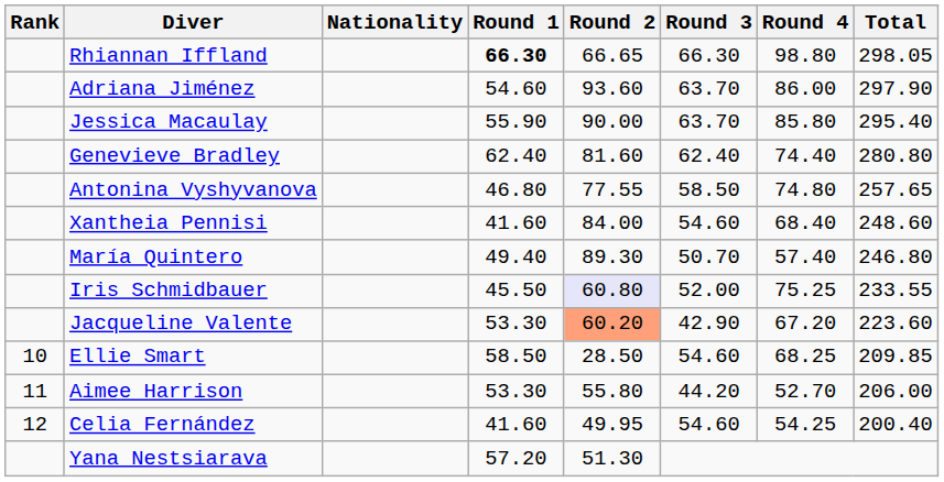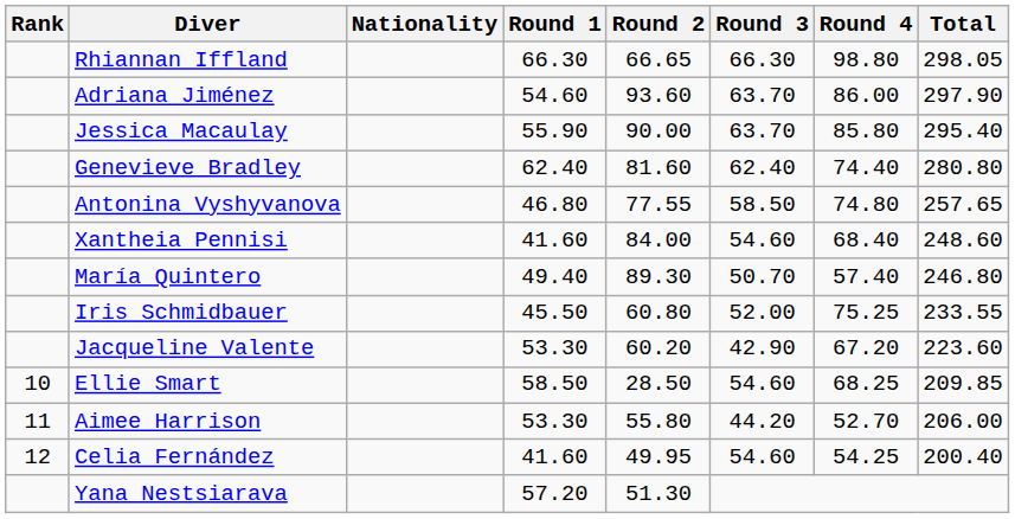 <table class="wikitable sortable" style="text-align:center">
 <tr>
 <th>Rank</th>
 <th>Diver</th>
 <th>Nationality</th>
 <th>Round 1</th>
 <th>Round 2</th>
 <th>Round 3</th>
 <th>Round 4</th>
 <th>Total</th>
 </tr>
 <tr>
 <td></td>
 <td align=left><a href='#'>Rhiannan Iffland</a></td>
 <td align=left></td>
-<td><strong>66.30</strong></td>
+<td>66.30</td>
 <td>66.65</td>
 <td>66.30</td>
 <td>98.80</td>
 <td>298.05</td>
 </tr>
 <tr>
 <td></td>
 <td align=left><a href='#'>Adriana Jiménez</a></td>
 <td align=left></td>
 <td>54.60</td>
 <td>93.60</td>
 <td>63.70</td>
 <td>86.00</td>
 <td>297.90</td>
 </tr>
 <tr>
 <td></td>
 <td align=left><a href='#'>Jessica Macaulay</a></td>
 <td align=left></td>
 <td>55.90</td>
 <td>90.00</td>
 <td>63.70</td>
 <td>85.80</td>
 <td>295.40</td>
 </tr>
 <tr>
 <td></td>
 <td align=left><a href='#'>Genevieve Bradley</a></td>
 <td align=left></td>
 <td>62.40</td>
 <td>81.60</td>
 <td>62.40</td>
 <td>74.40</td>
 <td>280.80</td>
 </tr>
 <tr>
 <td></td>
 <td align=left><a href='#'>Antonina Vyshyvanova</a></td>
 <td align=left></td>
 <td>46.80</td>
 <td>77.55</td>
 <td>58.50</td>
 <td>74.80</td>
 <td>257.65</td>
 </tr>
 <tr>
 <td></td>
 <td align=left><a href='#'>Xantheia Pennisi</a></td>
 <td align=left></td>
 <td>41.60</td>
 <td>84.00</td>
 <td>54.60</td>
 <td>68.40</td>
 <td>248.60</td>
 </tr>
 <tr>
 <td></td>
 <td align=left><a href='#'>María Quintero</a></td>
 <td align=left></td>
 <td>49.40</td>
 <td>89.30</td>
 <td>50.70</td>
 <td>57.40</td>
 <td>246.80</td>
 </tr>
 <tr>
 <td></td>
 <td align=left><a href='#'>Iris Schmidbauer</a></td>
 <td align=left></td>
 <td>45.50</td>
-<td style="background: lavender;">60.80</td>
+<td>60.80</td>
 <td>52.00</td>
 <td>75.25</td>
 <td>233.55</td>
 </tr>
 <tr>
 <td></td>
 <td align=left><a href='#'>Jacqueline Valente</a></td>
 <td align=left></td>
 <td>53.30</td>
-<td style="background: lightsalmon;">60.20</td>
+<td>60.20</td>
 <td>42.90</td>
 <td>67.20</td>
 <td>223.60</td>
 </tr>
 <tr>
 <td>10</td>
 <td align=left><a href='#'>Ellie Smart</a></td>
 <td align=left></td>
 <td>58.50</td>
 <td>28.50</td>
 <td>54.60</td>
 <td>68.25</td>
 <td>209.85</td>
 </tr>
 <tr>
 <td>11</td>
 <td align=left><a href='#'>Aimee Harrison</a></td>
 <td align=left></td>
 <td>53.30</td>
 <td>55.80</td>
 <td>44.20</td>
 <td>52.70</td>
 <td>206.00</td>
 </tr>
 <tr>
 <td>12</td>
 <td align=left><a href='#'>Celia Fernández</a></td>
 <td align=left></td>
 <td>41.60</td>
 <td>49.95</td>
 <td>54.60</td>
 <td>54.25</td>
 <td>200.40</td>
 </tr>
 <tr>
 <td></td>
 <td align=left><a href='#'>Yana Nestsiarava</a></td>
 <td align=left></td>
 <td>57.20</td>
 <td>51.30</td>
 <td colspan=3></td>
 </tr>
 </table>
